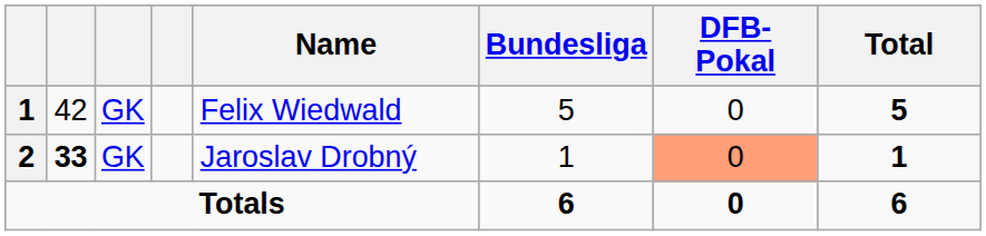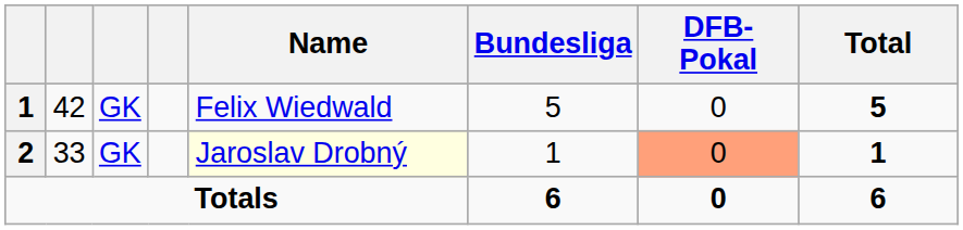 <table class="wikitable" style="text-align:center">
 <tr>
 <th width=15></th>
 <th width=15></th>
 <th width=15></th>
 <th width=15></th>
 <th width=145>Name</th>
 <th width=80><strong><a href='#'>Bundesliga</a></strong></th>
 <th width=80><strong><a href='#'>DFB-Pokal</a></strong></th>
 <th width=80>Total</th>
 </tr>
 <tr>
 <th>1</th>
 <td>42</td>
 <td><a href='#'>GK</a></td>
 <td></td>
 <td align=left><a href='#'>Felix Wiedwald</a></td>
 <td>5</td>
 <td>0</td>
 <td><strong>5</strong></td>
 </tr>
 <tr>
 <th>2</th>
-<td><strong>33</strong></td>
+<td>33</td>
 <td><a href='#'>GK</a></td>
 <td></td>
-<td align=left><a href='#'>Jaroslav Drobný</a></td>
+<td align=left style="background: lightyellow;"><a href='#'>Jaroslav Drobný</a></td>
 <td>1</td>
 <td style="background: lightsalmon;">0</td>
 <td><strong>1</strong></td>
 </tr>
 <tr>
 <td colspan=5><strong>Totals</strong></td>
 <td><strong>6</strong></td>
 <td><strong>0</strong></td>
 <td><strong>6</strong></td>
 </tr>
 </table>
